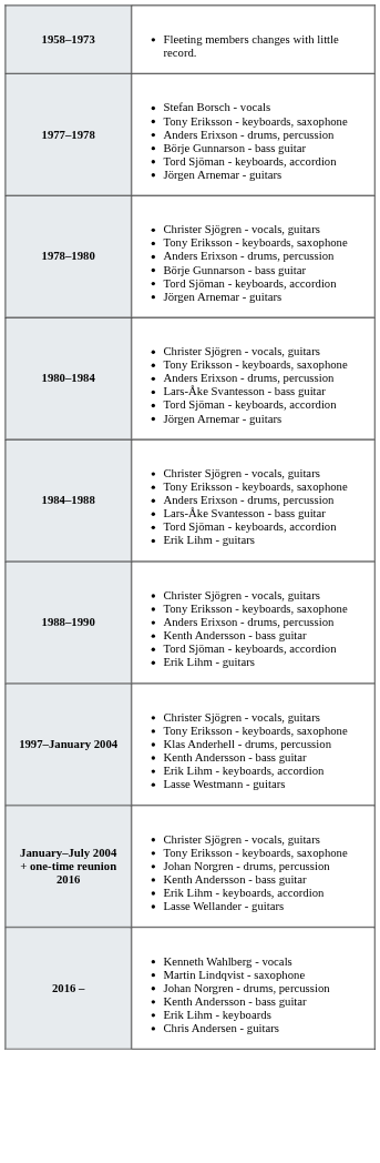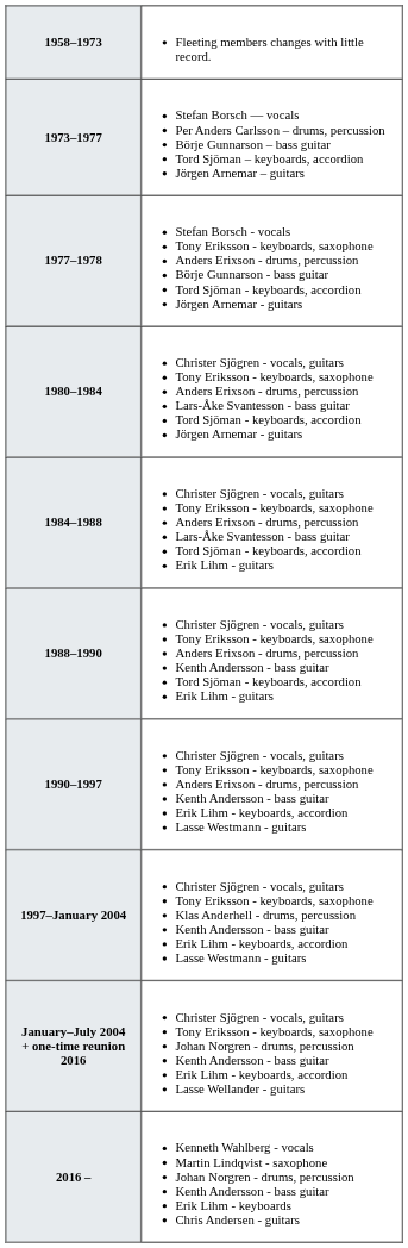 <table class="toccolours" border=1 cellpadding=2 cellspacing=0 style="width: 500px; margin: 0 0">
 <tr>
 <th bgcolor="#E7EBEE">1958–1973</th>
 <td><br><ul><li>Fleeting members changes with little record.</li></ul></td>
 </tr>
 <tr>
+<th bgcolor="#E7EBEE">1973–1977</th>
+<td><br><ul><li>Stefan Borsch — vocals</li><li>Per Anders Carlsson – drums, percussion</li><li>Börje Gunnarson – bass guitar</li><li>Tord Sjöman – keyboards, accordion</li><li>Jörgen Arnemar – guitars</li></ul></td>
+</tr>
+<tr>
 <th bgcolor="#E7EBEE">1977–1978</th>
 <td><br><ul><li>Stefan Borsch - vocals</li><li>Tony Eriksson - keyboards, saxophone</li><li>Anders Erixson - drums, percussion</li><li>Börje Gunnarson - bass guitar</li><li>Tord Sjöman - keyboards, accordion</li><li>Jörgen Arnemar - guitars</li></ul></td>
-</tr>
-<tr>
-<th bgcolor="#E7EBEE">1978–1980</th>
-<td><br><ul><li>Christer Sjögren - vocals, guitars</li><li>Tony Eriksson - keyboards, saxophone</li><li>Anders Erixson - drums, percussion</li><li>Börje Gunnarson - bass guitar</li><li>Tord Sjöman - keyboards, accordion</li><li>Jörgen Arnemar - guitars</li></ul></td>
 </tr>
 <tr>
 <th bgcolor="#E7EBEE">1980–1984</th>
 <td><br><ul><li>Christer Sjögren - vocals, guitars</li><li>Tony Eriksson - keyboards, saxophone</li><li>Anders Erixson - drums, percussion</li><li>Lars-Åke Svantesson - bass guitar</li><li>Tord Sjöman - keyboards, accordion</li><li>Jörgen Arnemar - guitars</li></ul></td>
 </tr>
 <tr>
 <th bgcolor="#E7EBEE">1984–1988</th>
 <td><br><ul><li>Christer Sjögren - vocals, guitars</li><li>Tony Eriksson - keyboards, saxophone</li><li>Anders Erixson - drums, percussion</li><li>Lars-Åke Svantesson - bass guitar</li><li>Tord Sjöman - keyboards, accordion</li><li>Erik Lihm - guitars</li></ul></td>
 </tr>
 <tr>
 <th bgcolor="#E7EBEE">1988–1990</th>
 <td><br><ul><li>Christer Sjögren - vocals, guitars</li><li>Tony Eriksson - keyboards, saxophone</li><li>Anders Erixson - drums, percussion</li><li>Kenth Andersson - bass guitar</li><li>Tord Sjöman - keyboards, accordion</li><li>Erik Lihm - guitars</li></ul></td>
 </tr>
 <tr>
+<th bgcolor="#E7EBEE">1990–1997</th>
+<td><br><ul><li>Christer Sjögren - vocals, guitars</li><li>Tony Eriksson - keyboards, saxophone</li><li>Anders Erixson - drums, percussion</li><li>Kenth Andersson - bass guitar</li><li>Erik Lihm - keyboards, accordion</li><li>Lasse Westmann - guitars</li></ul></td>
+</tr>
+<tr>
 <th bgcolor="#E7EBEE">1997–January 2004</th>
 <td><br><ul><li>Christer Sjögren - vocals, guitars</li><li>Tony Eriksson - keyboards, saxophone</li><li>Klas Anderhell - drums, percussion</li><li>Kenth Andersson - bass guitar</li><li>Erik Lihm - keyboards, accordion</li><li>Lasse Westmann - guitars</li></ul></td>
 </tr>
 <tr>
 <th bgcolor="#E7EBEE">January–July 2004<br>+ one-time reunion 2016</th>
 <td><br><ul><li>Christer Sjögren - vocals, guitars</li><li>Tony Eriksson - keyboards, saxophone</li><li>Johan Norgren - drums, percussion</li><li>Kenth Andersson - bass guitar</li><li>Erik Lihm - keyboards, accordion</li><li>Lasse Wellander - guitars</li></ul></td>
 </tr>
 <tr>
 <th bgcolor="#E7EBEE">2016 –</th>
 <td><br><ul><li>Kenneth Wahlberg - vocals</li><li>Martin Lindqvist - saxophone</li><li>Johan Norgren - drums, percussion</li><li>Kenth Andersson - bass guitar</li><li>Erik Lihm - keyboards</li><li>Chris Andersen - guitars</li></ul></td>
 </tr>
 </table>
